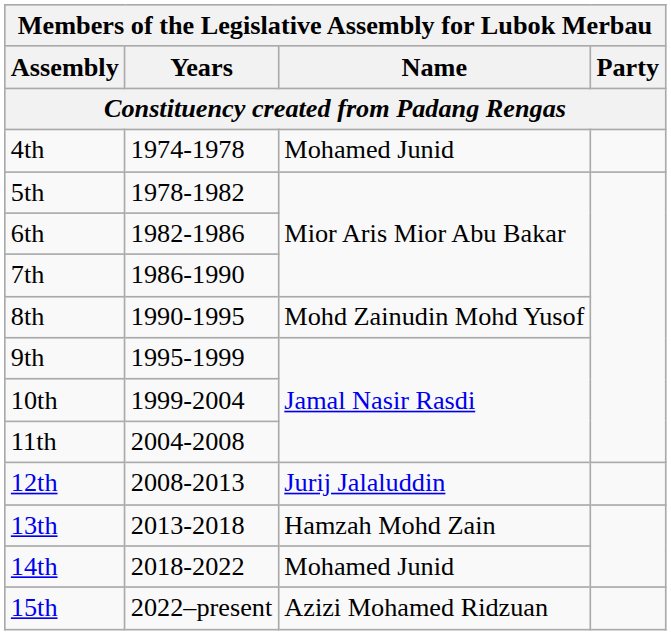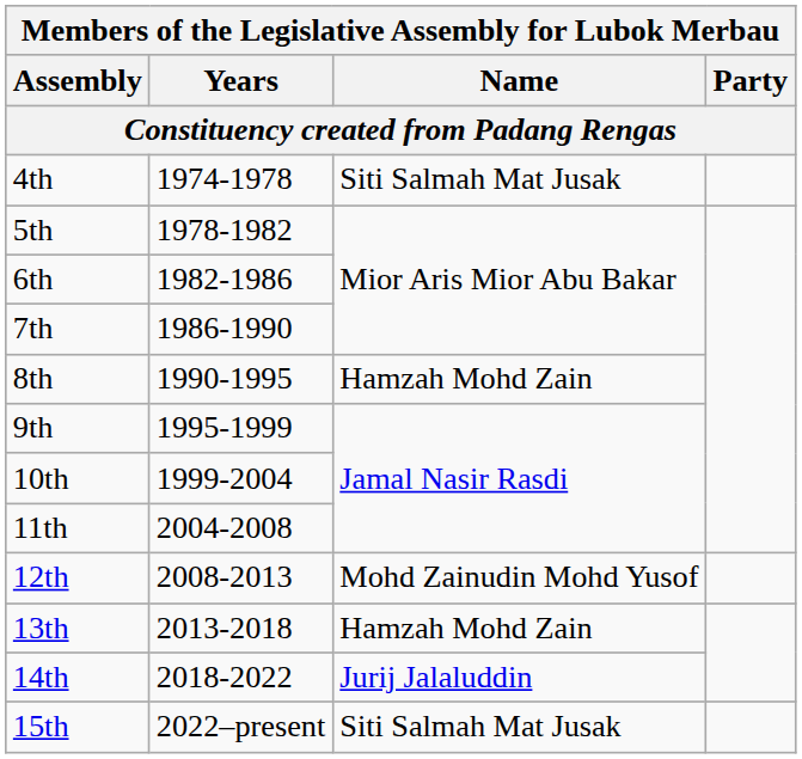 <table class="wikitable">
 <tr>
 <th colspan="4">Members of the Legislative Assembly for Lubok Merbau</th>
 </tr>
 <tr>
 <th>Assembly</th>
 <th>Years</th>
 <th>Name</th>
 <th>Party</th>
 </tr>
 <tr>
 <th colspan="4"><em>Constituency created from Padang Rengas</em></th>
 </tr>
 <tr>
 <td>4th</td>
 <td>1974-1978</td>
-<td>Mohamed Junid</td>
+<td>Siti Salmah Mat Jusak</td>
 <td></td>
 </tr>
 <tr>
 <td>5th</td>
 <td>1978-1982</td>
 <td rowspan="3">Mior Aris Mior Abu Bakar</td>
 <td rowspan="7"></td>
 </tr>
 <tr>
 <td>6th</td>
 <td>1982-1986</td>
 </tr>
 <tr>
 <td>7th</td>
 <td>1986-1990</td>
 </tr>
 <tr>
 <td>8th</td>
 <td>1990-1995</td>
-<td>Mohd Zainudin Mohd Yusof</td>
+<td>Hamzah Mohd Zain</td>
 </tr>
 <tr>
 <td>9th</td>
 <td>1995-1999</td>
 <td rowspan="3"><a href='#'>Jamal Nasir Rasdi</a></td>
 </tr>
 <tr>
 <td>10th</td>
 <td>1999-2004</td>
 </tr>
 <tr>
 <td>11th</td>
 <td>2004-2008</td>
 </tr>
 <tr>
 <td><a href='#'>12th</a></td>
 <td>2008-2013</td>
-<td><a href='#'>Jurij Jalaluddin</a></td>
+<td>Mohd Zainudin Mohd Yusof</td>
 <td></td>
 </tr>
 <tr>
 <td><a href='#'>13th</a></td>
 <td>2013-2018</td>
 <td>Hamzah Mohd Zain</td>
 <td rowspan="2"></td>
 </tr>
 <tr>
 <td><a href='#'>14th</a></td>
 <td>2018-2022</td>
-<td>Mohamed Junid</td>
+<td><a href='#'>Jurij Jalaluddin</a></td>
 </tr>
 <tr>
 <td><a href='#'>15th</a></td>
 <td>2022–present</td>
-<td>Azizi Mohamed Ridzuan</td>
+<td>Siti Salmah Mat Jusak</td>
 <td></td>
 </tr>
 </table>
